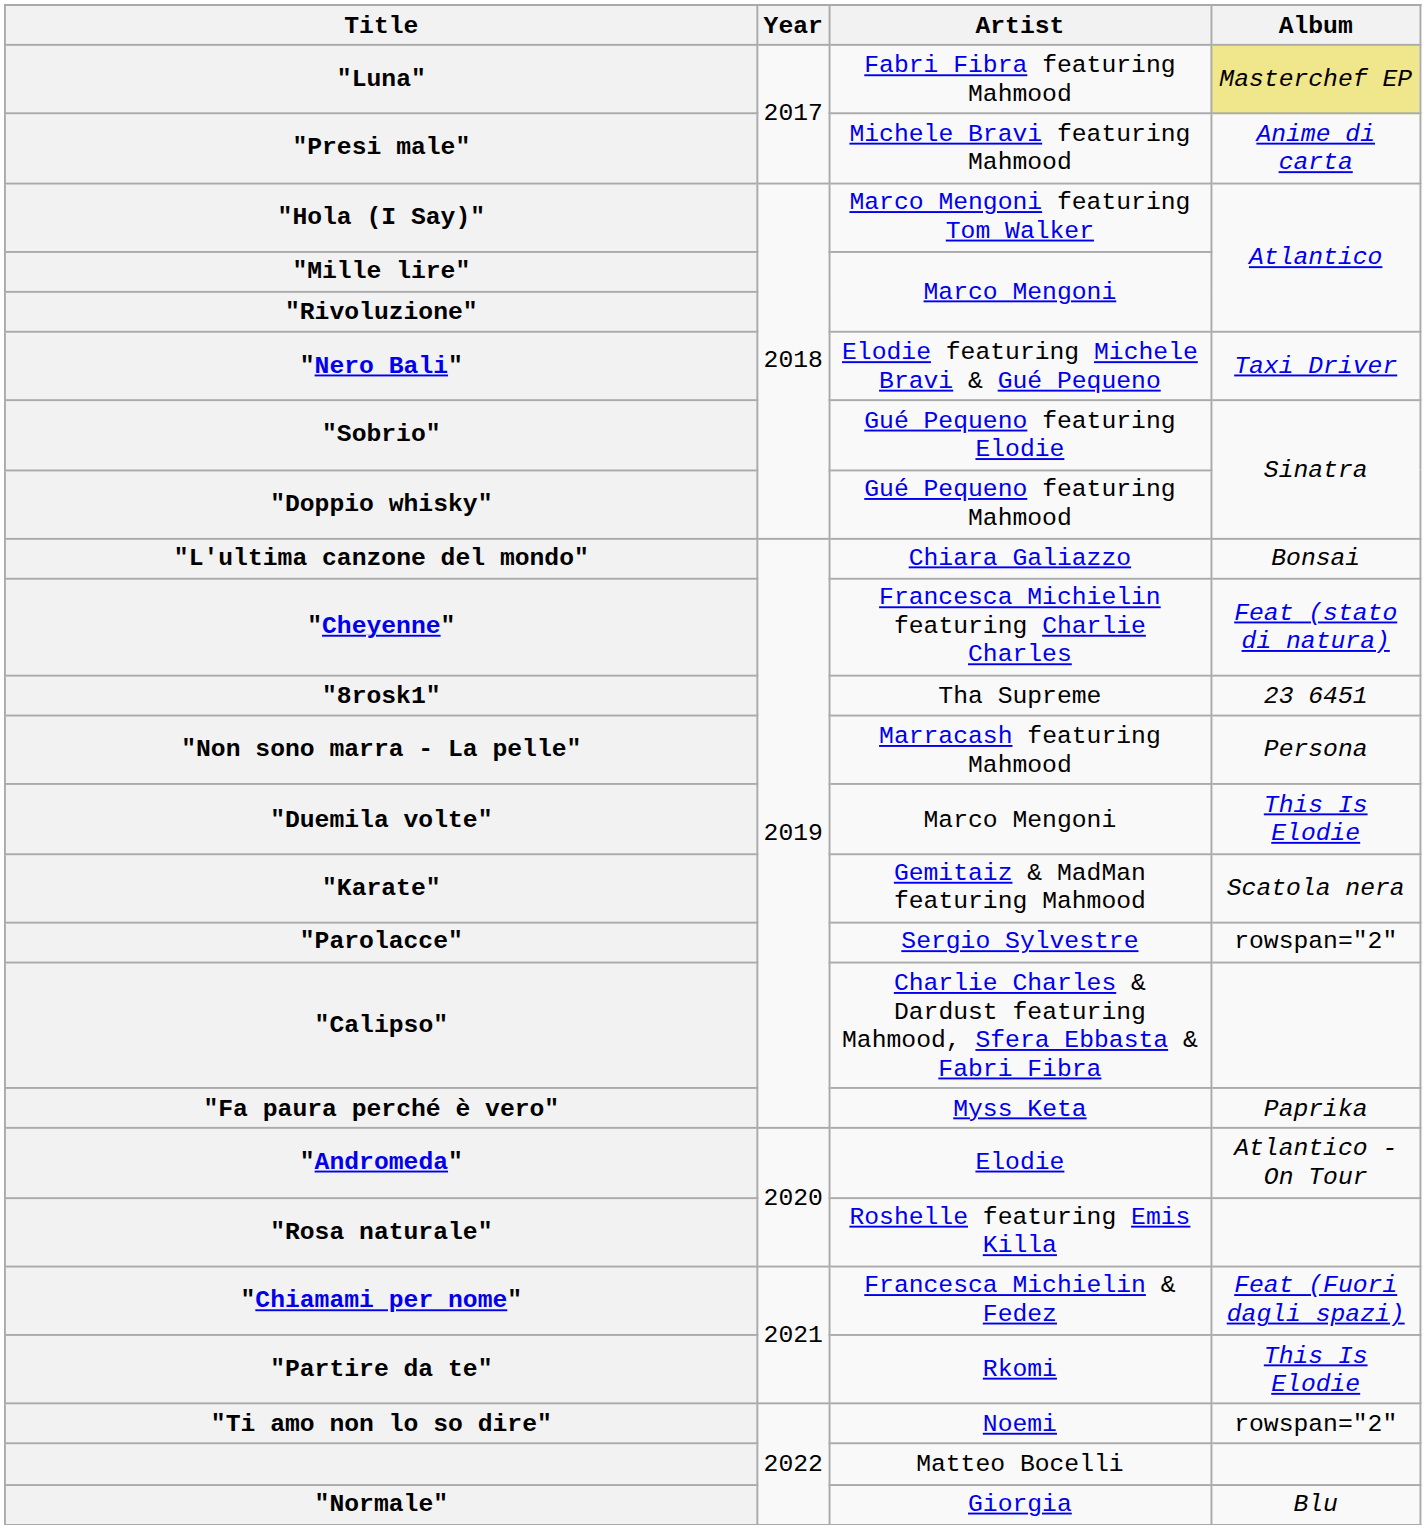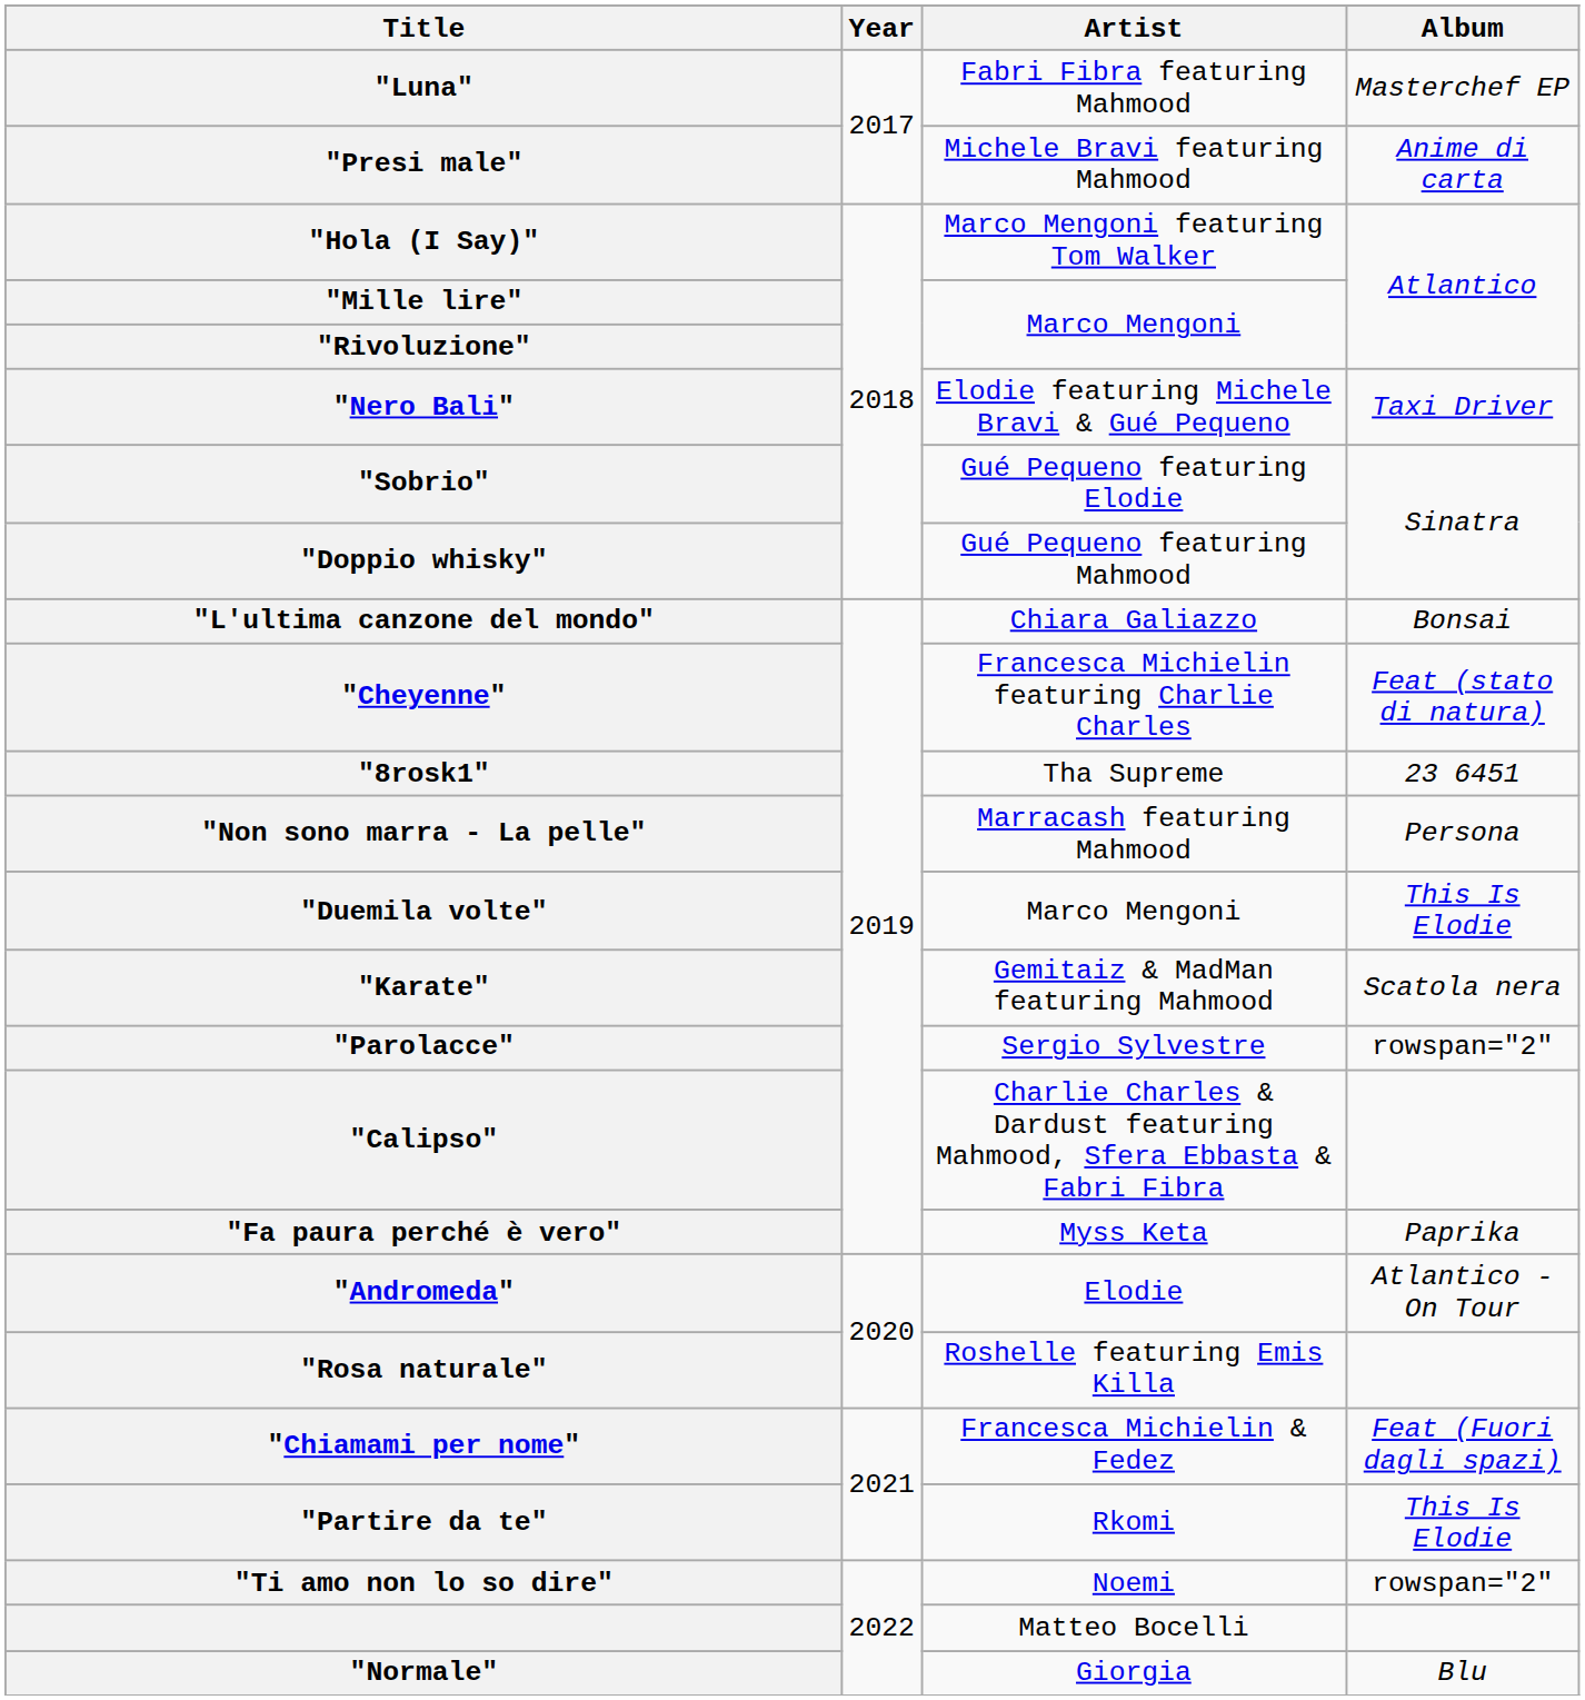 <table class="wikitable plainrowheaders" style="text-align:center;">
 <tr>
 </tr>
 <tr>
 <th style="width:30em;">Title</th>
 <th style="width:1em;">Year</th>
 <th style="width:15em;">Artist</th>
 <th style="width:8em;">Album</th>
 </tr>
 <tr>
 <th scope="row">"Luna"<br></th>
 <td rowspan="2">2017</td>
 <td><a href='#'>Fabri Fibra</a> featuring Mahmood</td>
-<td style="background: khaki;"><em>Masterchef EP</em></td>
+<td><em>Masterchef EP</em></td>
 </tr>
 <tr>
 <th scope="row">"Presi male"<br></th>
 <td><a href='#'>Michele Bravi</a> featuring Mahmood</td>
 <td><em><a href='#'>Anime di carta</a></em></td>
 </tr>
 <tr>
 <th scope="row">"Hola (I Say)"<br></th>
 <td rowspan="6">2018</td>
 <td><a href='#'>Marco Mengoni</a> featuring <a href='#'>Tom Walker</a></td>
 <td rowspan="3"><em><a href='#'>Atlantico</a></em></td>
 </tr>
 <tr>
 <th scope="row">"Mille lire"<br></th>
 <td rowspan="2"><a href='#'>Marco Mengoni</a></td>
 </tr>
 <tr>
 <th scope="row">"Rivoluzione"<br></th>
 </tr>
 <tr>
 <th scope="row">"<a href='#'>Nero Bali</a>"<br></th>
 <td><a href='#'>Elodie</a> featuring  <a href='#'>Michele Bravi</a> & <a href='#'>Gué Pequeno</a></td>
 <td><em><a href='#'>Taxi Driver</a></em></td>
 </tr>
 <tr>
 <th scope="row">"Sobrio"<br></th>
 <td><a href='#'>Gué Pequeno</a> featuring <a href='#'>Elodie</a></td>
 <td rowspan="2"><em>Sinatra</em></td>
 </tr>
 <tr>
 <th scope="row">"Doppio whisky"<br></th>
 <td><a href='#'>Gué Pequeno</a> featuring Mahmood</td>
 </tr>
 <tr>
 <th scope="row">"L'ultima canzone del mondo"<br></th>
 <td rowspan="9">2019</td>
 <td><a href='#'>Chiara Galiazzo</a></td>
 <td><em>Bonsai</em></td>
 </tr>
 <tr>
 <th scope="row">"<a href='#'>Cheyenne</a>"<br></th>
 <td><a href='#'>Francesca Michielin</a> featuring <a href='#'>Charlie Charles</a></td>
 <td><em><a href='#'>Feat (stato di natura)</a></em></td>
 </tr>
 <tr>
 <th scope="row">"8rosk1"<br></th>
 <td>Tha Supreme</td>
 <td><em>23 6451</em></td>
 </tr>
 <tr>
 <th scope="row">"Non sono marra - La pelle"<br></th>
 <td><a href='#'>Marracash</a> featuring Mahmood</td>
 <td><em>Persona</em></td>
 </tr>
 <tr>
 <th scope="row">"Duemila volte"<br></th>
 <td>Marco Mengoni</td>
 <td><em><a href='#'>This Is Elodie</a></em></td>
 </tr>
 <tr>
 <th scope="row">"Karate"<br></th>
 <td><a href='#'>Gemitaiz</a> & MadMan featuring Mahmood</td>
 <td><em>Scatola nera</em></td>
 </tr>
 <tr>
 <th scope="row">"Parolacce"<br></th>
 <td><a href='#'>Sergio Sylvestre</a></td>
 <td>rowspan="2" </td>
 </tr>
 <tr>
 <th scope="row">"Calipso"<br></th>
 <td><a href='#'>Charlie Charles</a> & Dardust featuring Mahmood, <a href='#'>Sfera Ebbasta</a> & <a href='#'>Fabri Fibra</a></td>
 </tr>
 <tr>
 <th scope="row">"Fa paura perché è vero"<br></th>
 <td><a href='#'>Myss Keta</a></td>
 <td><em>Paprika</em></td>
 </tr>
 <tr>
 <th scope="row">"<a href='#'>Andromeda</a>"<br></th>
 <td rowspan="2">2020</td>
 <td><a href='#'>Elodie</a></td>
 <td><em>Atlantico - On Tour</em></td>
 </tr>
 <tr>
 <th scope="row">"Rosa naturale"<br></th>
 <td><a href='#'>Roshelle</a> featuring <a href='#'>Emis Killa</a></td>
 <td></td>
 </tr>
 <tr>
 <th scope="row">"<a href='#'>Chiamami per nome</a>"<br></th>
 <td rowspan="2">2021</td>
 <td><a href='#'>Francesca Michielin</a> & <a href='#'>Fedez</a></td>
 <td><em><a href='#'>Feat (Fuori dagli spazi)</a></em></td>
 </tr>
 <tr>
 <th scope="row">"Partire da te"<br></th>
 <td><a href='#'>Rkomi</a></td>
 <td><em><a href='#'>This Is Elodie</a></em></td>
 </tr>
 <tr>
 <th scope="row">"Ti amo non lo so dire"<br></th>
 <td rowspan="3">2022</td>
 <td><a href='#'>Noemi</a></td>
 <td>rowspan="2" </td>
 </tr>
 <tr>
 <th scope="row"></th>
 <td>Matteo Bocelli</td>
 </tr>
 <tr>
 <th scope="row">"Normale"<br></th>
 <td><a href='#'>Giorgia</a></td>
 <td><em>Blu</em></td>
 </tr>
 <tr>
 </tr>
 </table>
